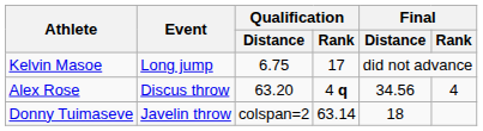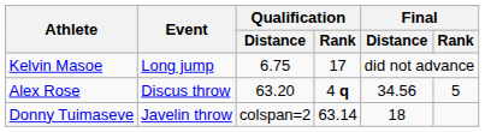 <table class="wikitable" style="font-size:90%; text-align:center">
 <tr>
 <th rowspan=2>Athlete</th>
 <th rowspan=2>Event</th>
 <th colspan=2>Qualification</th>
 <th colspan=2>Final</th>
 </tr>
 <tr style="font-size:95%">
 <th>Distance</th>
 <th>Rank</th>
 <th>Distance</th>
 <th>Rank</th>
 </tr>
 <tr>
 <td align=left><a href='#'>Kelvin Masoe</a></td>
 <td align=left rowspan=1><a href='#'>Long jump</a></td>
 <td>6.75</td>
 <td>17</td>
 <td colspan=2>did not advance</td>
 </tr>
 <tr>
 <td align=left><a href='#'>Alex Rose</a></td>
 <td align=left rowspan=1><a href='#'>Discus throw</a></td>
 <td>63.20</td>
 <td>4 <strong>q</strong></td>
 <td>34.56</td>
-<td>4</td>
+<td>5</td>
 </tr>
 <tr>
 <td align=left><a href='#'>Donny Tuimaseve</a></td>
 <td align=left rowspan=1><a href='#'>Javelin throw</a></td>
 <td>colspan=2 </td>
 <td>63.14</td>
 <td>18</td>
 </tr>
 </table>
